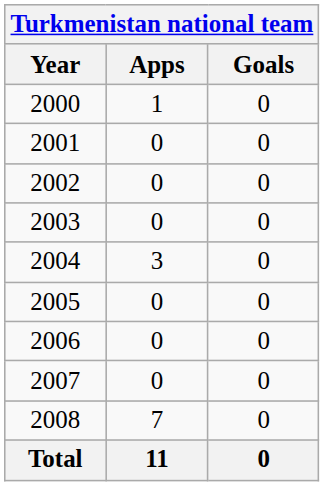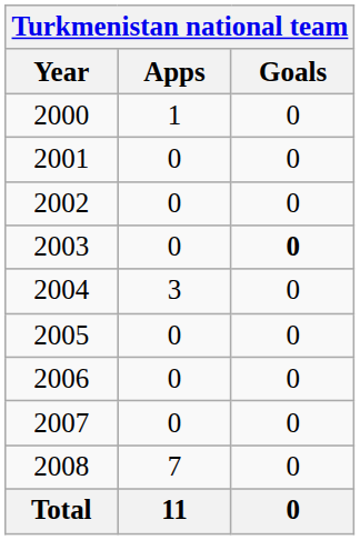 <table class="wikitable" style="text-align:center">
 <tr>
 <th colspan=3><a href='#'>Turkmenistan national team</a></th>
 </tr>
 <tr>
 <th>Year</th>
 <th>Apps</th>
 <th>Goals</th>
 </tr>
 <tr>
 <td>2000</td>
 <td>1</td>
 <td>0</td>
 </tr>
 <tr>
 <td>2001</td>
 <td>0</td>
 <td>0</td>
 </tr>
 <tr>
 <td>2002</td>
 <td>0</td>
 <td>0</td>
 </tr>
 <tr>
 <td>2003</td>
 <td>0</td>
-<td>0</td>
+<td><strong>0</strong></td>
 </tr>
 <tr>
 <td>2004</td>
 <td>3</td>
 <td>0</td>
 </tr>
 <tr>
 <td>2005</td>
 <td>0</td>
 <td>0</td>
 </tr>
 <tr>
 <td>2006</td>
 <td>0</td>
 <td>0</td>
 </tr>
 <tr>
 <td>2007</td>
 <td>0</td>
 <td>0</td>
 </tr>
 <tr>
 <td>2008</td>
 <td>7</td>
 <td>0</td>
 </tr>
 <tr>
 <th>Total</th>
 <th>11</th>
 <th>0</th>
 </tr>
 </table>
